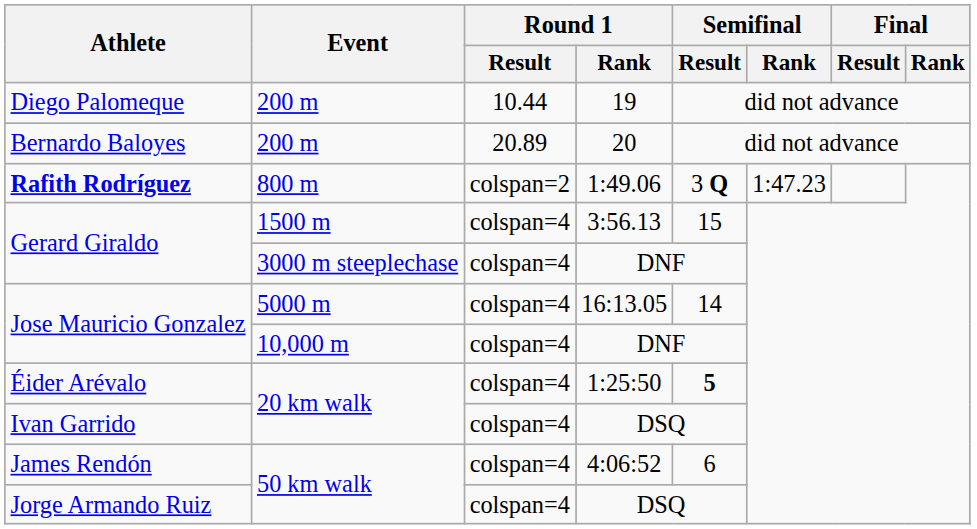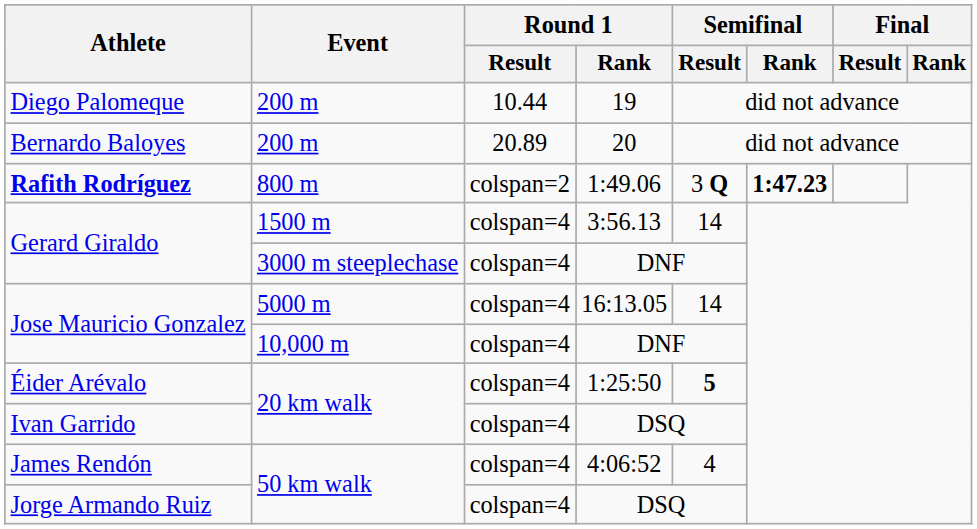 <table class=wikitable style="font-size:90%">
 <tr>
 <th rowspan="2">Athlete</th>
 <th rowspan="2">Event</th>
 <th colspan="2">Round 1</th>
 <th colspan="2">Semifinal</th>
 <th colspan="2">Final</th>
 </tr>
 <tr style="font-size:95%">
 <th>Result</th>
 <th>Rank</th>
 <th>Result</th>
 <th>Rank</th>
 <th>Result</th>
 <th>Rank</th>
 </tr>
 <tr align=center>
 <td align=left><a href='#'>Diego Palomeque</a></td>
 <td align=left><a href='#'>200 m</a></td>
 <td>10.44</td>
 <td>19</td>
 <td colspan=4>did not advance</td>
 </tr>
 <tr align=center>
 <td align=left><a href='#'>Bernardo Baloyes</a></td>
 <td align=left><a href='#'>200 m</a></td>
 <td>20.89</td>
 <td>20</td>
 <td colspan=4>did not advance</td>
 </tr>
 <tr align=center>
 <td align=left><strong><a href='#'>Rafith Rodríguez</a></strong></td>
 <td align=left><a href='#'>800 m</a></td>
 <td>colspan=2 </td>
 <td>1:49.06</td>
 <td>3 <strong>Q</strong></td>
-<td>1:47.23</td>
+<td><strong>1:47.23</strong></td>
 <td></td>
 </tr>
 <tr align=center>
 <td align=left rowspan=2><a href='#'>Gerard Giraldo</a></td>
 <td align=left><a href='#'>1500 m</a></td>
 <td>colspan=4 </td>
 <td>3:56.13</td>
-<td>15</td>
+<td>14</td>
 </tr>
 <tr align=center>
 <td align=left><a href='#'>3000 m steeplechase</a></td>
 <td>colspan=4 </td>
 <td colspan=2>DNF</td>
 </tr>
 <tr align=center>
 <td align=left rowspan=2><a href='#'>Jose Mauricio Gonzalez</a></td>
 <td align=left><a href='#'>5000 m</a></td>
 <td>colspan=4 </td>
 <td>16:13.05</td>
 <td>14</td>
 </tr>
 <tr align=center>
 <td align=left><a href='#'>10,000 m</a></td>
 <td>colspan=4 </td>
 <td colspan=2>DNF</td>
 </tr>
 <tr align=center>
 <td align=left><a href='#'>Éider Arévalo</a></td>
 <td align=left rowspan=2><a href='#'>20 km walk</a></td>
 <td>colspan=4 </td>
 <td>1:25:50</td>
 <td><strong>5</strong></td>
 </tr>
 <tr align=center>
 <td align=left><a href='#'>Ivan Garrido</a></td>
 <td>colspan=4 </td>
 <td colspan=2>DSQ</td>
 </tr>
 <tr align=center>
 <td align=left><a href='#'>James Rendón</a></td>
 <td align=left rowspan=2><a href='#'>50 km walk</a></td>
 <td>colspan=4 </td>
 <td>4:06:52</td>
-<td>6</td>
+<td>4</td>
 </tr>
 <tr align=center>
 <td align=left><a href='#'>Jorge Armando Ruiz</a></td>
 <td>colspan=4 </td>
 <td colspan=2>DSQ</td>
 </tr>
 </table>
